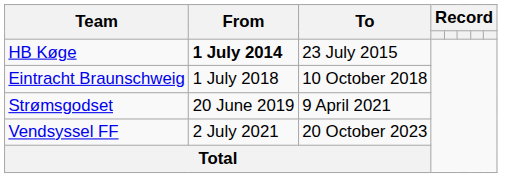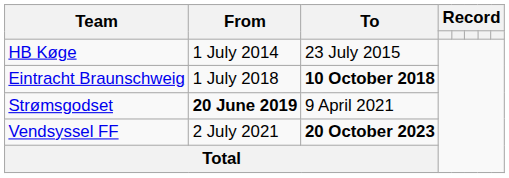 <table class=wikitable style=text-align:center>
 <tr>
 <th rowspan=2>Team</th>
 <th rowspan=2>From</th>
 <th rowspan=2>To</th>
 <th colspan=5>Record</th>
 </tr>
 <tr>
 <th></th>
 <th></th>
 <th></th>
 <th></th>
 <th></th>
 </tr>
 <tr>
 <td align=left><a href='#'>HB Køge</a></td>
-<td align=left><strong>1 July 2014</strong></td>
+<td align=left>1 July 2014</td>
 <td align=left>23 July 2015<br></td>
 </tr>
 <tr>
 <td align=left><a href='#'>Eintracht Braunschweig</a></td>
 <td align=left>1 July 2018</td>
-<td align=left>10 October 2018<br></td>
+<td align=left><strong>10 October 2018<br></strong></td>
 </tr>
 <tr>
 <td align=left><a href='#'>Strømsgodset</a></td>
-<td align=left>20 June 2019</td>
+<td align=left><strong>20 June 2019</strong></td>
 <td align=left>9 April 2021<br></td>
 </tr>
 <tr>
 <td align=left><a href='#'>Vendsyssel FF</a></td>
 <td align=left>2 July 2021</td>
-<td align=left>20 October 2023<br></td>
+<td align=left><strong>20 October 2023<br></strong></td>
 </tr>
 <tr>
 <th colspan=3>Total<br></th>
 </tr>
 </table>
